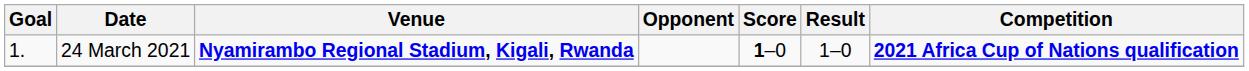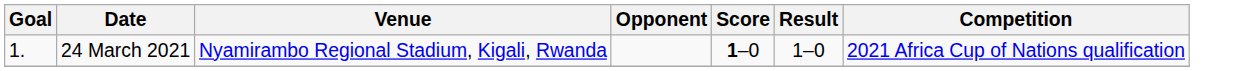 <table class="wikitable plainrowheaders sortable">
 <tr>
 <th>Goal</th>
 <th>Date</th>
 <th>Venue</th>
 <th>Opponent</th>
 <th>Score</th>
 <th>Result</th>
 <th>Competition</th>
 </tr>
 <tr>
 <td>1.</td>
 <td>24 March 2021</td>
-<td><strong><a href='#'>Nyamirambo Regional Stadium</a>, <a href='#'>Kigali</a>, <a href='#'>Rwanda</a></strong></td>
+<td><a href='#'>Nyamirambo Regional Stadium</a>, <a href='#'>Kigali</a>, <a href='#'>Rwanda</a></td>
 <td></td>
 <td align=center><strong>1</strong>–0</td>
 <td align=center>1–0</td>
-<td><strong><a href='#'>2021 Africa Cup of Nations qualification</a></strong></td>
+<td><a href='#'>2021 Africa Cup of Nations qualification</a></td>
 </tr>
 <tr>
 </tr>
 </table>
